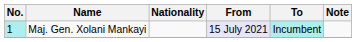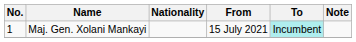 <table class="wikitable" style="font-size:90%; text-align:left;">
 <tr>
 <th>No.</th>
 <th>Name</th>
 <th>Nationality</th>
 <th>From</th>
 <th>To</th>
 <th>Note</th>
 </tr>
 <tr>
-<td style="background: paleturquoise;">1</td>
+<td>1</td>
 <td>Maj. Gen. Xolani Mankayi</td>
 <td></td>
-<td style="background: lavender;">15 July 2021</td>
+<td>15 July 2021</td>
 <td style="background: paleturquoise;">Incumbent</td>
 <td></td>
 </tr>
 <tr>
 </tr>
 </table>
